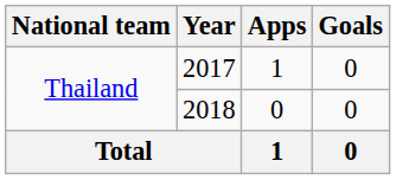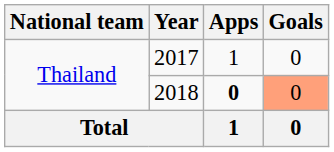 <table class="wikitable" style="text-align:center">
 <tr>
 <th>National team</th>
 <th>Year</th>
 <th>Apps</th>
 <th>Goals</th>
 </tr>
 <tr>
 <td rowspan="2" valign="center"><a href='#'>Thailand</a></td>
 <td>2017</td>
 <td>1</td>
 <td>0</td>
 </tr>
 <tr>
 <td>2018</td>
-<td>0</td>
-<td>0</td>
+<td><strong>0</strong></td>
+<td style="background: lightsalmon;">0</td>
 </tr>
 <tr>
 <th colspan="2">Total</th>
 <th>1</th>
 <th>0</th>
 </tr>
 </table>
